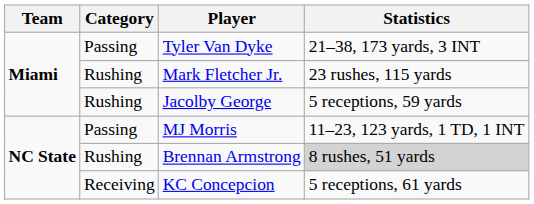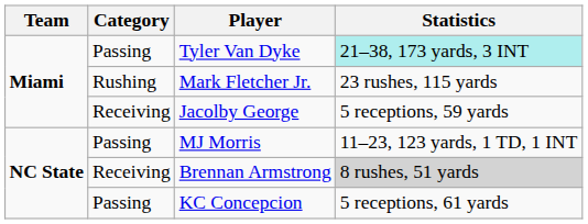 <table class="wikitable" style="float: left;">
 <tr>
 <th>Team</th>
 <th>Category</th>
 <th>Player</th>
 <th>Statistics</th>
 </tr>
 <tr>
 <td rowspan=3><strong>Miami</strong></td>
 <td>Passing</td>
 <td><a href='#'>Tyler Van Dyke</a></td>
-<td>21–38, 173 yards, 3 INT</td>
+<td style="background: paleturquoise;">21–38, 173 yards, 3 INT</td>
 </tr>
 <tr>
 <td>Rushing</td>
 <td><a href='#'>Mark Fletcher Jr.</a></td>
 <td>23 rushes, 115 yards</td>
 </tr>
 <tr>
-<td>Rushing</td>
+<td>Receiving</td>
 <td><a href='#'>Jacolby George</a></td>
 <td>5 receptions, 59 yards</td>
 </tr>
 <tr>
 <td rowspan=3><strong>NC State</strong></td>
 <td>Passing</td>
 <td><a href='#'>MJ Morris</a></td>
 <td>11–23, 123 yards, 1 TD, 1 INT</td>
 </tr>
 <tr>
-<td>Rushing</td>
+<td>Receiving</td>
 <td><a href='#'>Brennan Armstrong</a></td>
 <td style="background: lightgrey;">8 rushes, 51 yards</td>
 </tr>
 <tr>
-<td>Receiving</td>
+<td>Passing</td>
 <td><a href='#'>KC Concepcion</a></td>
 <td>5 receptions, 61 yards</td>
 </tr>
 </table>
